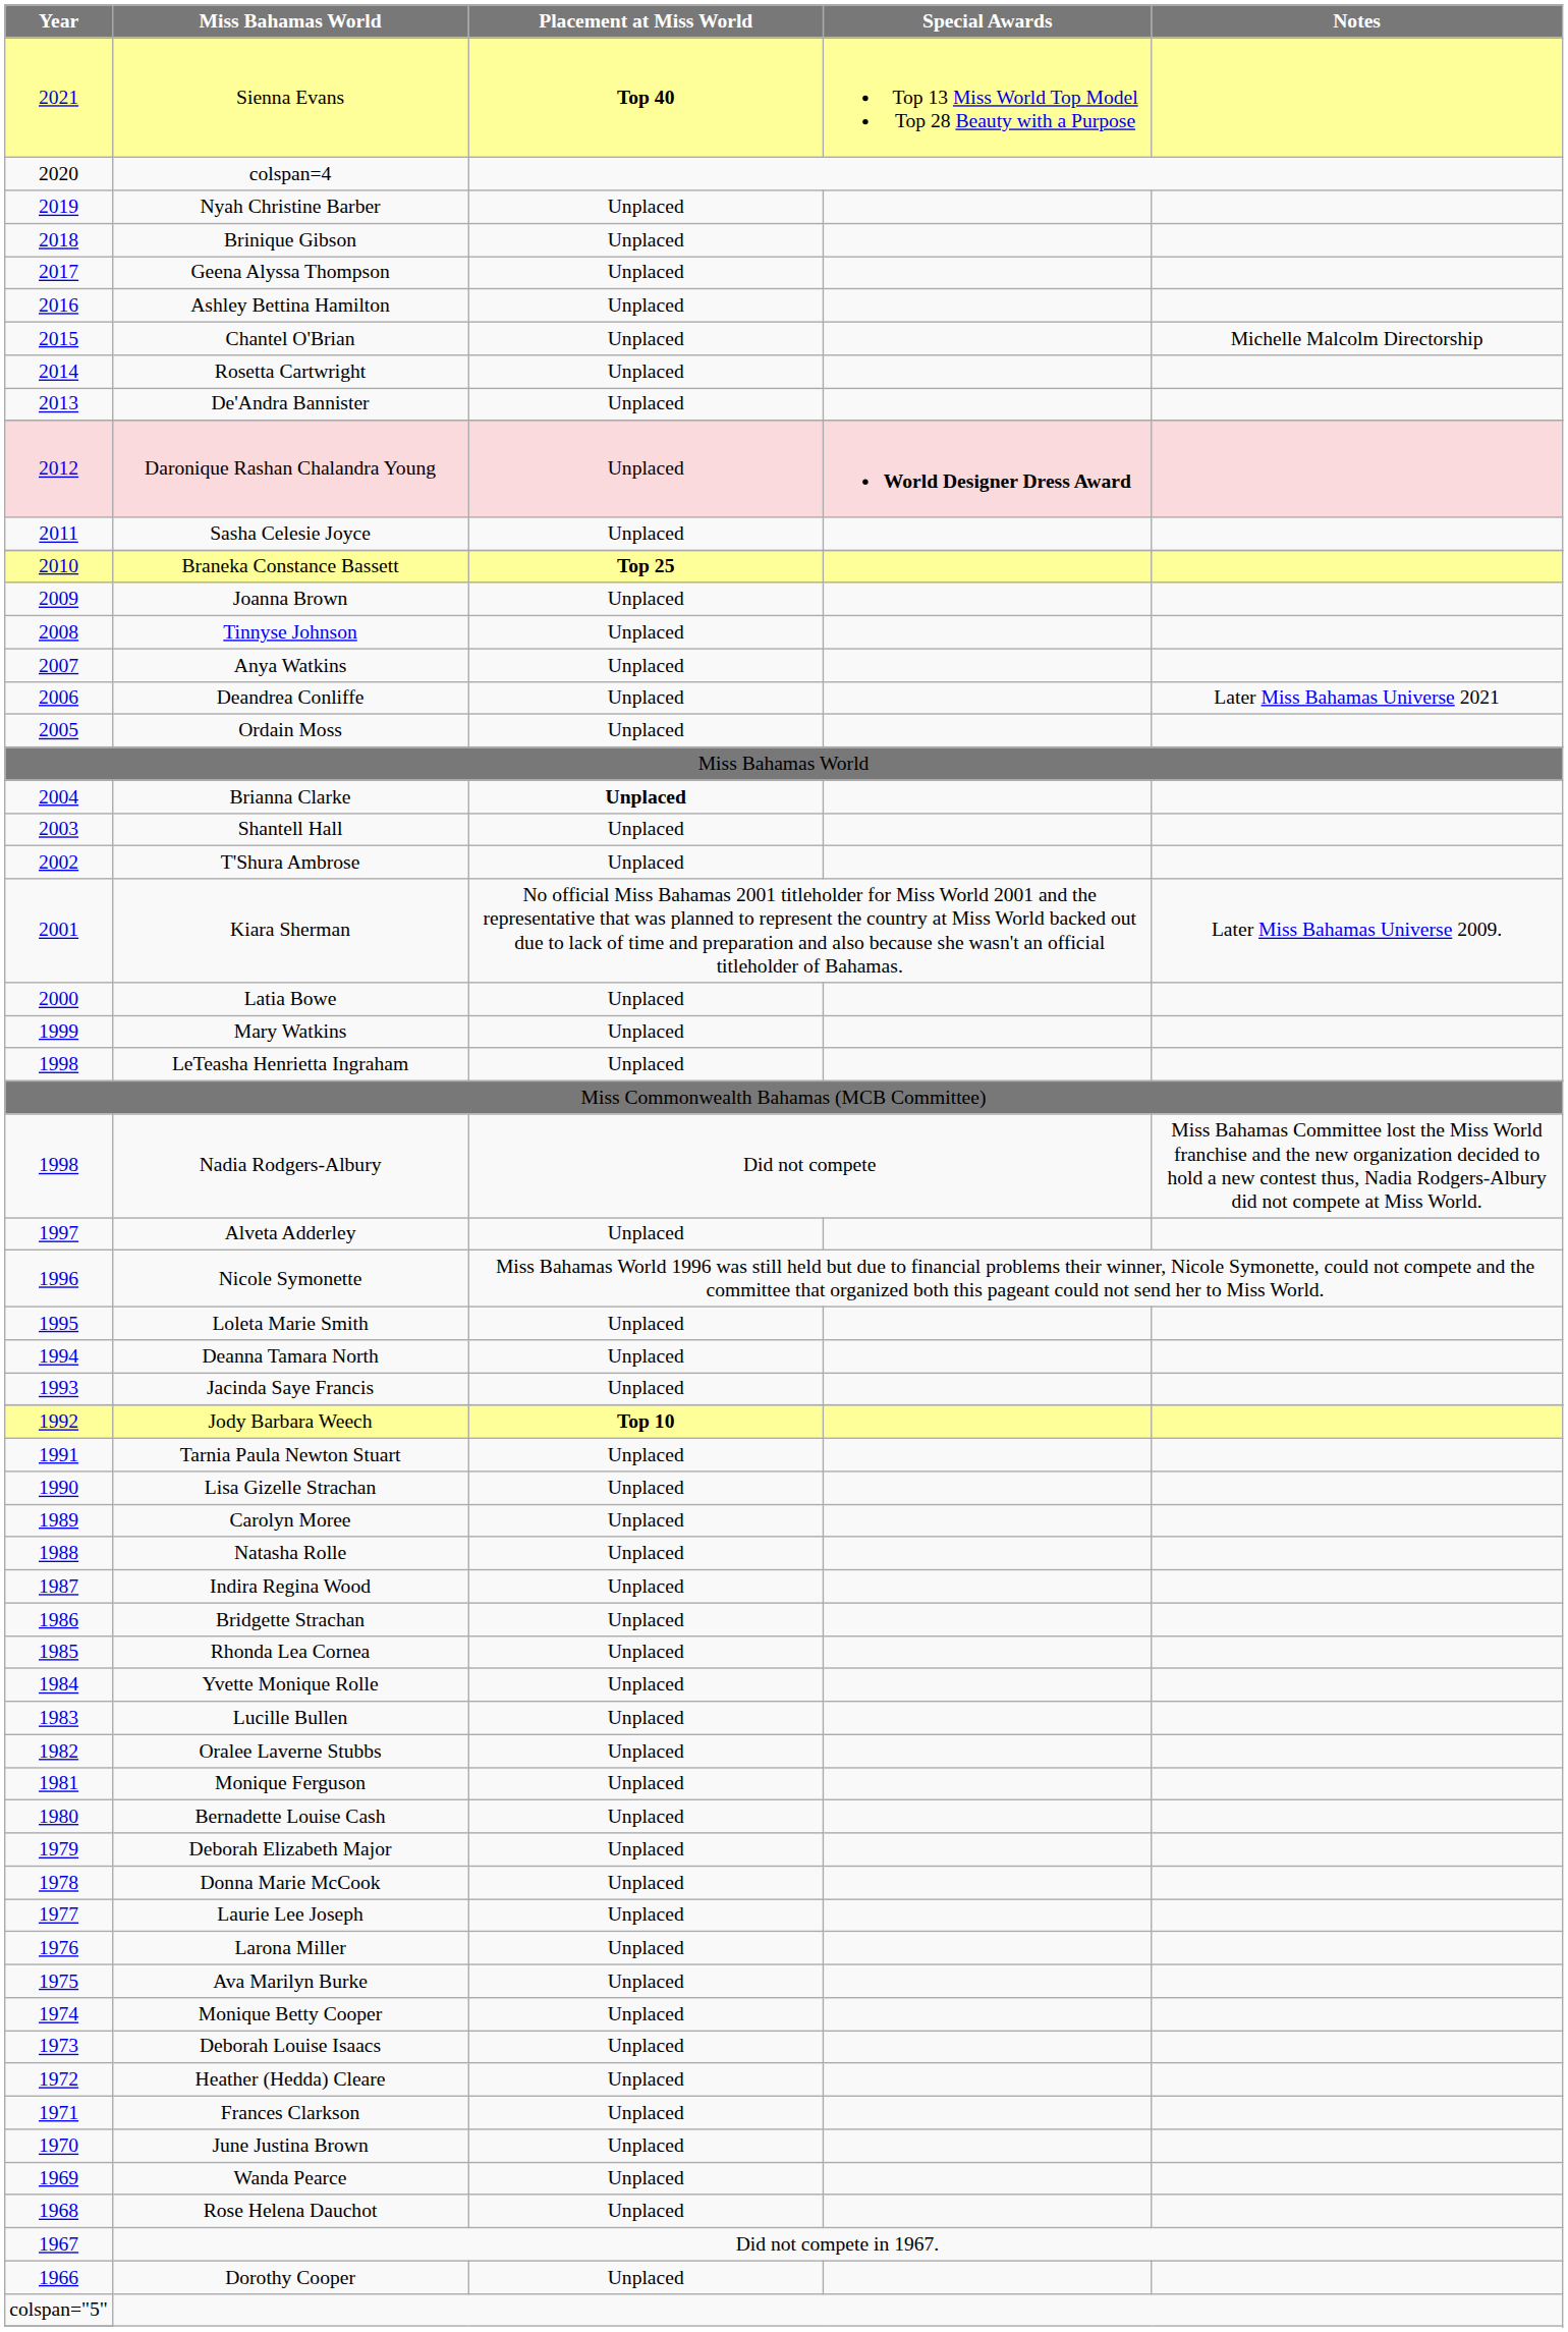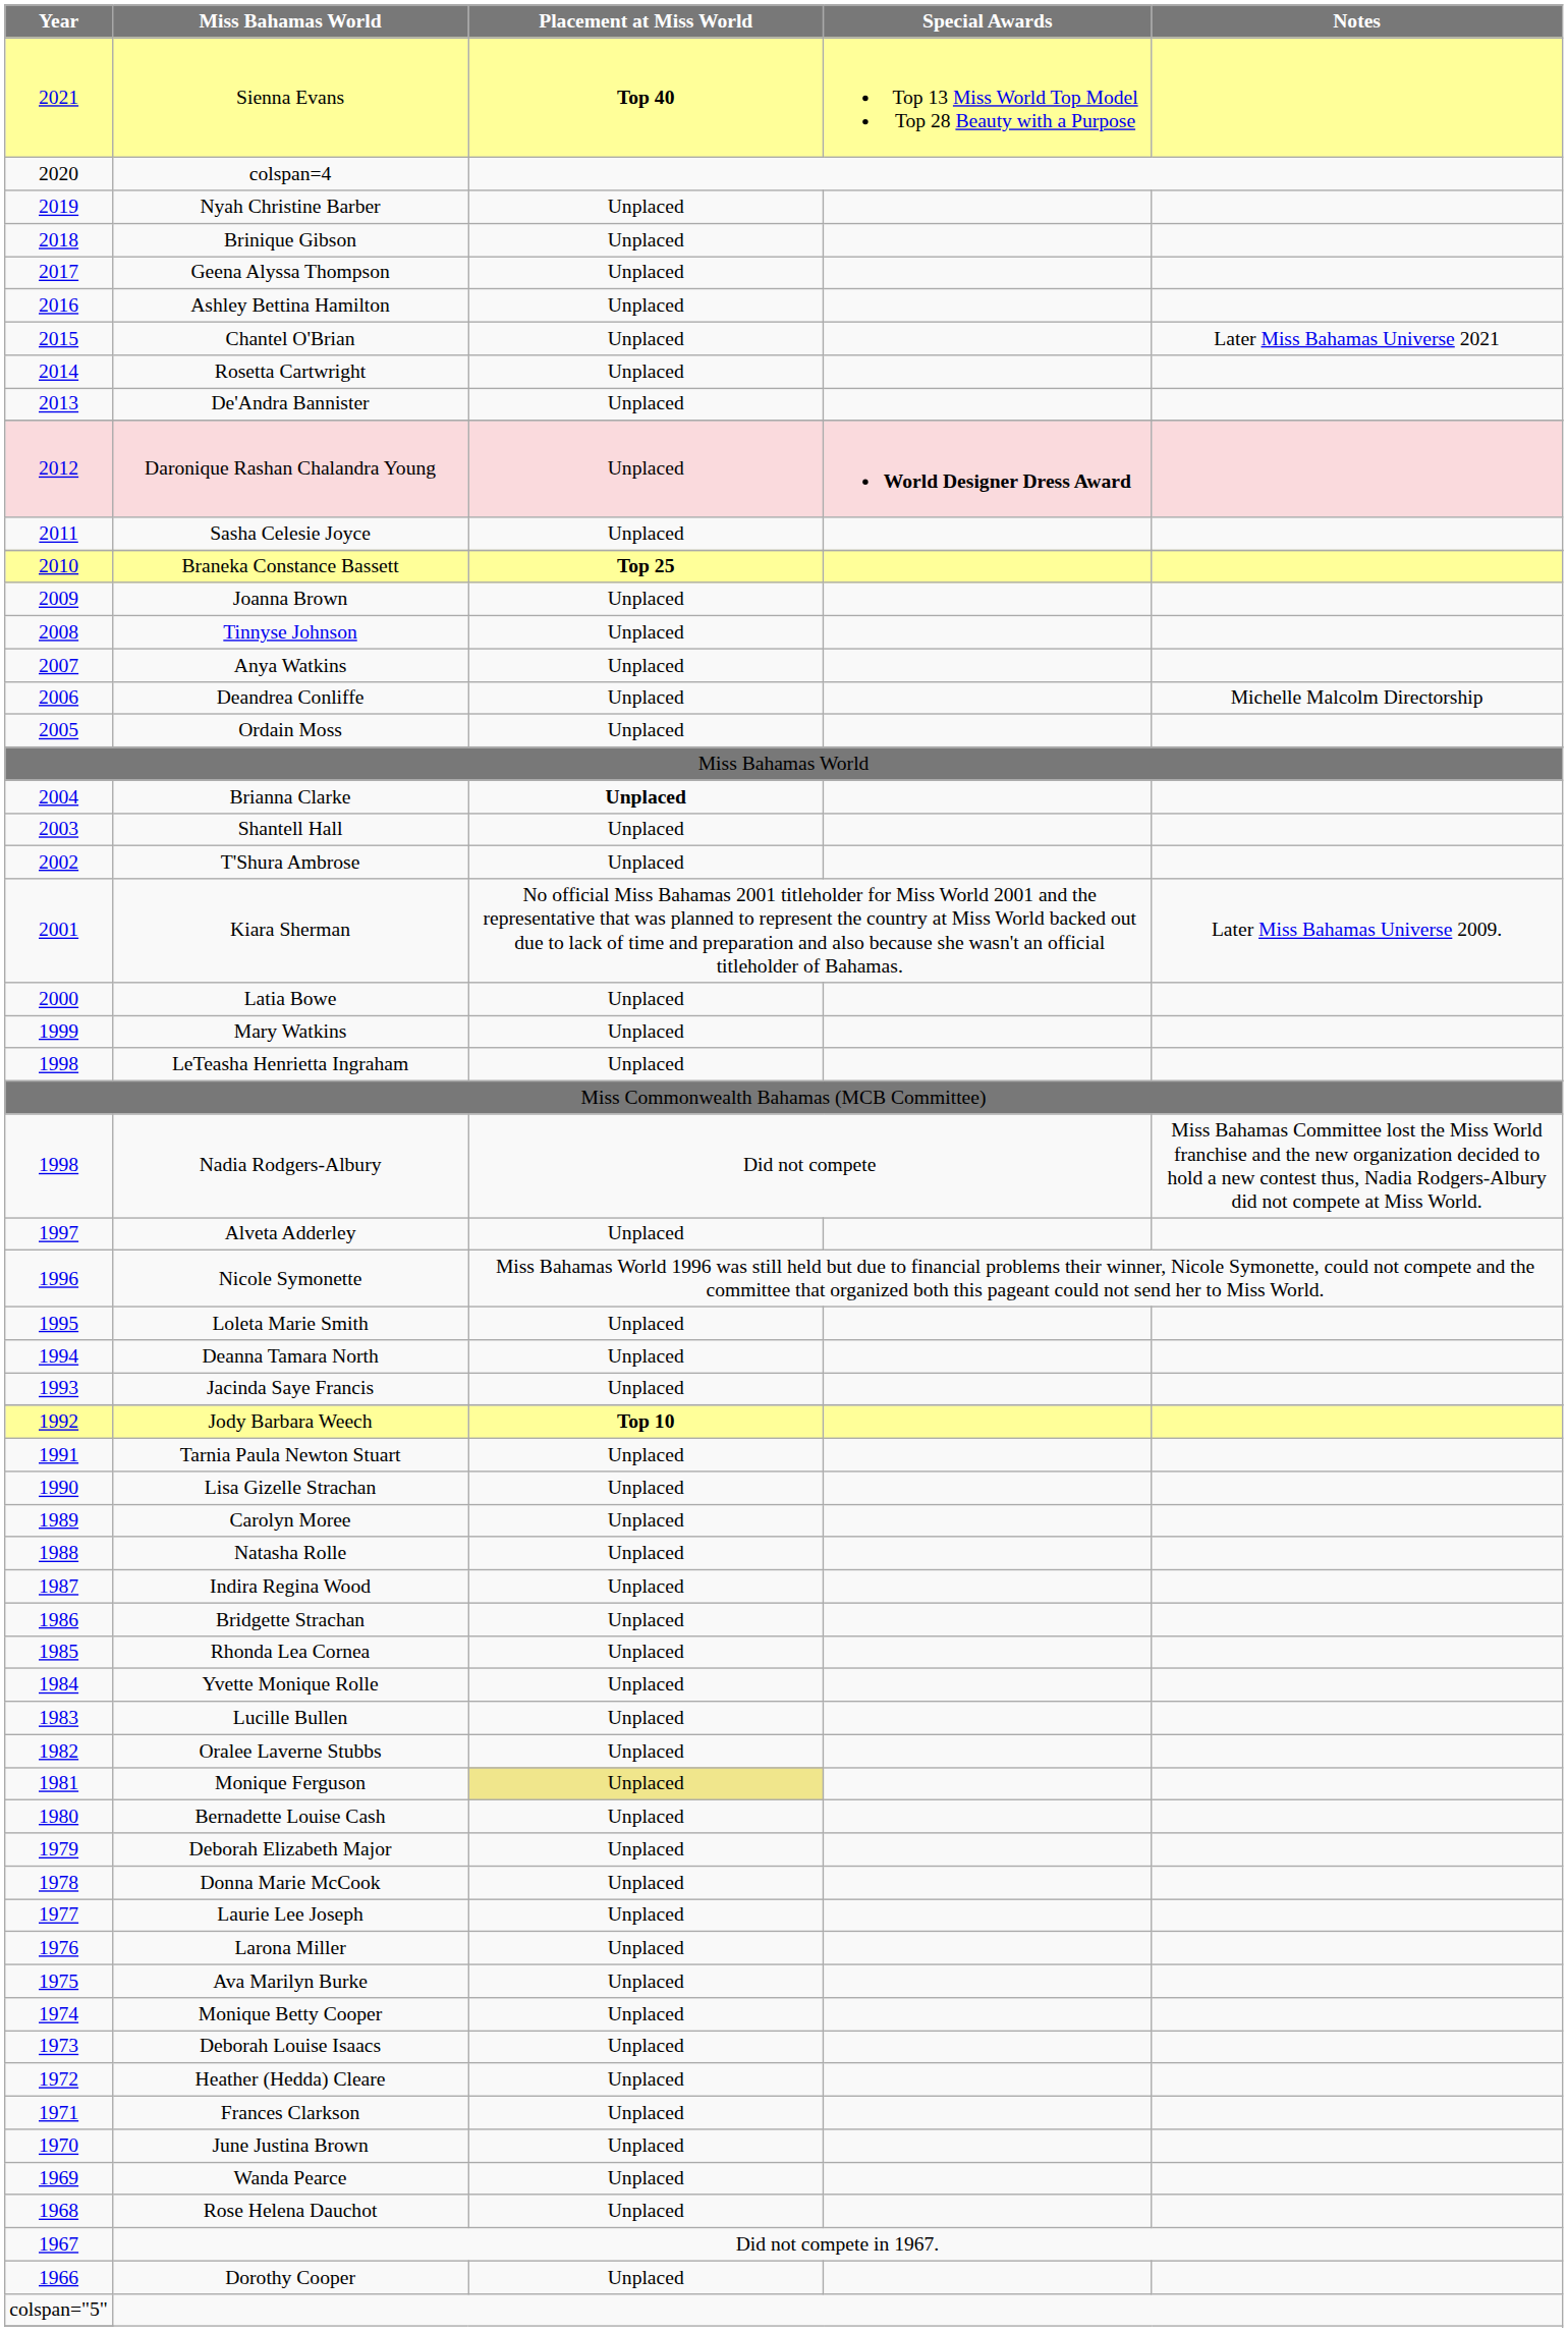 <table class="wikitable" style="font-size: 90%; text-align:center">
 <tr>
 <th width="60" style="background-color:#787878;color:#FFFFFF;">Year</th>
 <th width="250" style="background-color:#787878;color:#FFFFFF;">Miss Bahamas World</th>
 <th width="250" style="background-color:#787878;color:#FFFFFF;">Placement at Miss World</th>
 <th width="230" style="background-color:#787878;color:#FFFFFF;">Special Awards</th>
 <th width="290" style="background-color:#787878;color:#FFFFFF;">Notes</th>
 </tr>
 <tr style="background-color:#FFFF99; ">
 <td><a href='#'>2021</a></td>
 <td>Sienna Evans</td>
 <td><strong>Top 40</strong></td>
 <td><br><ul><li>Top 13 <a href='#'>Miss World Top Model</a></li><li>Top 28 <a href='#'>Beauty with a Purpose</a></li></ul></td>
 <td></td>
 </tr>
 <tr>
 <td>2020</td>
 <td>colspan=4 </td>
 </tr>
 <tr>
 <td><a href='#'>2019</a></td>
 <td>Nyah Christine Barber</td>
 <td>Unplaced</td>
 <td></td>
 <td></td>
 </tr>
 <tr>
 <td><a href='#'>2018</a></td>
 <td>Brinique Gibson</td>
 <td>Unplaced</td>
 <td></td>
 <td></td>
 </tr>
 <tr>
 <td><a href='#'>2017</a></td>
 <td>Geena Alyssa Thompson</td>
 <td>Unplaced</td>
 <td></td>
 <td></td>
 </tr>
 <tr>
 <td><a href='#'>2016</a></td>
 <td>Ashley Bettina Hamilton</td>
 <td>Unplaced</td>
 <td></td>
 <td></td>
 </tr>
 <tr>
 <td><a href='#'>2015</a></td>
 <td>Chantel O'Brian</td>
 <td>Unplaced</td>
 <td></td>
-<td>Michelle Malcolm Directorship</td>
+<td>Later <a href='#'>Miss Bahamas Universe</a> 2021</td>
 </tr>
 <tr>
 <td><a href='#'>2014</a></td>
 <td>Rosetta Cartwright</td>
 <td>Unplaced</td>
 <td></td>
 <td></td>
 </tr>
 <tr>
 <td><a href='#'>2013</a></td>
 <td>De'Andra Bannister</td>
 <td>Unplaced</td>
 <td></td>
 <td></td>
 </tr>
 <tr>
 </tr>
 <tr style="background-color:#FADADD; ">
 <td><a href='#'>2012</a></td>
 <td>Daronique Rashan Chalandra Young</td>
 <td>Unplaced</td>
 <td align="left"><br><ul><li><strong>World Designer Dress Award</strong></li></ul></td>
 <td></td>
 </tr>
 <tr>
 <td><a href='#'>2011</a></td>
 <td>Sasha Celesie Joyce</td>
 <td>Unplaced</td>
 <td></td>
 <td></td>
 </tr>
 <tr>
 </tr>
 <tr style="background-color:#FFFF99; ">
 <td><a href='#'>2010</a></td>
 <td>Braneka Constance Bassett</td>
 <td><strong>Top 25</strong></td>
 <td></td>
 <td></td>
 </tr>
 <tr>
 <td><a href='#'>2009</a></td>
 <td>Joanna Brown</td>
 <td>Unplaced</td>
 <td></td>
 <td></td>
 </tr>
 <tr>
 <td><a href='#'>2008</a></td>
 <td><a href='#'>Tinnyse Johnson</a></td>
 <td>Unplaced</td>
 <td></td>
 <td></td>
 </tr>
 <tr>
 <td><a href='#'>2007</a></td>
 <td>Anya Watkins</td>
 <td>Unplaced</td>
 <td></td>
 <td></td>
 </tr>
 <tr>
 <td><a href='#'>2006</a></td>
 <td>Deandrea Conliffe</td>
 <td>Unplaced</td>
 <td></td>
-<td>Later <a href='#'>Miss Bahamas Universe</a> 2021</td>
+<td>Michelle Malcolm Directorship</td>
 </tr>
 <tr>
 <td><a href='#'>2005</a></td>
 <td>Ordain Moss</td>
 <td>Unplaced</td>
 <td></td>
 <td></td>
 </tr>
 <tr>
 </tr>
 <tr bgcolor="#787878" align="center">
 <td colspan="5"><span>Miss Bahamas World</span></td>
 </tr>
 <tr>
 <td><a href='#'>2004</a></td>
 <td>Brianna Clarke</td>
 <td><strong>Unplaced</strong></td>
 <td></td>
 <td></td>
 </tr>
 <tr>
 <td><a href='#'>2003</a></td>
 <td>Shantell Hall</td>
 <td>Unplaced</td>
 <td></td>
 <td></td>
 </tr>
 <tr>
 <td><a href='#'>2002</a></td>
 <td>T'Shura Ambrose</td>
 <td>Unplaced</td>
 <td></td>
 <td></td>
 </tr>
 <tr>
 <td><a href='#'>2001</a></td>
 <td>Kiara Sherman</td>
 <td colspan="2" align=center>No official Miss Bahamas 2001 titleholder for Miss World 2001 and the representative that was planned to represent the country at Miss World backed out due to lack of time and preparation and also because she wasn't an official titleholder of Bahamas.</td>
 <td>Later <a href='#'>Miss Bahamas Universe</a> 2009.</td>
 </tr>
 <tr>
 <td><a href='#'>2000</a></td>
 <td>Latia Bowe</td>
 <td>Unplaced</td>
 <td></td>
 <td></td>
 </tr>
 <tr>
 <td><a href='#'>1999</a></td>
 <td>Mary Watkins</td>
 <td>Unplaced</td>
 <td></td>
 <td></td>
 </tr>
 <tr>
 <td><a href='#'>1998</a></td>
 <td>LeTeasha Henrietta Ingraham</td>
 <td>Unplaced</td>
 <td></td>
 <td></td>
 </tr>
 <tr>
 </tr>
 <tr bgcolor="#787878" align="center">
 <td colspan="5"><span>Miss Commonwealth Bahamas (MCB Committee)</span></td>
 </tr>
 <tr>
 <td><a href='#'>1998</a></td>
 <td>Nadia Rodgers-Albury</td>
 <td colspan="2" align=center>Did not compete</td>
 <td>Miss Bahamas Committee lost the Miss World franchise and the new organization decided to hold a new contest thus, Nadia Rodgers-Albury did not compete at Miss World.</td>
 </tr>
 <tr>
 <td><a href='#'>1997</a></td>
 <td>Alveta Adderley</td>
 <td>Unplaced</td>
 <td></td>
 <td></td>
 </tr>
 <tr>
 <td><a href='#'>1996</a></td>
 <td>Nicole Symonette</td>
 <td colspan="3" align=center>Miss Bahamas World 1996 was still held but due to financial problems their winner, Nicole Symonette, could not compete and the committee that organized both this pageant could not send her to Miss World.</td>
 </tr>
 <tr>
 <td><a href='#'>1995</a></td>
 <td>Loleta Marie Smith</td>
 <td>Unplaced</td>
 <td></td>
 <td></td>
 </tr>
 <tr>
 <td><a href='#'>1994</a></td>
 <td>Deanna Tamara North</td>
 <td>Unplaced</td>
 <td></td>
 <td></td>
 </tr>
 <tr>
 <td><a href='#'>1993</a></td>
 <td>Jacinda Saye Francis</td>
 <td>Unplaced</td>
 <td></td>
 <td></td>
 </tr>
 <tr>
 </tr>
 <tr style="background-color:#FFFF99; ">
 <td><a href='#'>1992</a></td>
 <td>Jody Barbara Weech</td>
 <td><strong>Top 10</strong></td>
 <td></td>
 <td></td>
 </tr>
 <tr>
 <td><a href='#'>1991</a></td>
 <td>Tarnia Paula Newton Stuart</td>
 <td>Unplaced</td>
 <td></td>
 <td></td>
 </tr>
 <tr>
 <td><a href='#'>1990</a></td>
 <td>Lisa Gizelle Strachan</td>
 <td>Unplaced</td>
 <td></td>
 <td></td>
 </tr>
 <tr>
 <td><a href='#'>1989</a></td>
 <td>Carolyn Moree</td>
 <td>Unplaced</td>
 <td></td>
 <td></td>
 </tr>
 <tr>
 <td><a href='#'>1988</a></td>
 <td>Natasha Rolle</td>
 <td>Unplaced</td>
 <td></td>
 <td></td>
 </tr>
 <tr>
 <td><a href='#'>1987</a></td>
 <td>Indira Regina Wood</td>
 <td>Unplaced</td>
 <td></td>
 <td></td>
 </tr>
 <tr>
 <td><a href='#'>1986</a></td>
 <td>Bridgette Strachan</td>
 <td>Unplaced</td>
 <td></td>
 <td></td>
 </tr>
 <tr>
 <td><a href='#'>1985</a></td>
 <td>Rhonda Lea Cornea</td>
 <td>Unplaced</td>
 <td></td>
 <td></td>
 </tr>
 <tr>
 <td><a href='#'>1984</a></td>
 <td>Yvette Monique Rolle</td>
 <td>Unplaced</td>
 <td></td>
 <td></td>
 </tr>
 <tr>
 <td><a href='#'>1983</a></td>
 <td>Lucille Bullen</td>
 <td>Unplaced</td>
 <td></td>
 <td></td>
 </tr>
 <tr>
 <td><a href='#'>1982</a></td>
 <td>Oralee Laverne Stubbs</td>
 <td>Unplaced</td>
 <td></td>
 <td></td>
 </tr>
 <tr>
 <td><a href='#'>1981</a></td>
 <td>Monique Ferguson</td>
-<td>Unplaced</td>
+<td style="background: khaki;">Unplaced</td>
 <td></td>
 <td></td>
 </tr>
 <tr>
 <td><a href='#'>1980</a></td>
 <td>Bernadette Louise Cash</td>
 <td>Unplaced</td>
 <td></td>
 <td></td>
 </tr>
 <tr>
 <td><a href='#'>1979</a></td>
 <td>Deborah Elizabeth Major</td>
 <td>Unplaced</td>
 <td></td>
 <td></td>
 </tr>
 <tr>
 <td><a href='#'>1978</a></td>
 <td>Donna Marie McCook</td>
 <td>Unplaced</td>
 <td></td>
 <td></td>
 </tr>
 <tr>
 <td><a href='#'>1977</a></td>
 <td>Laurie Lee Joseph</td>
 <td>Unplaced</td>
 <td></td>
 <td></td>
 </tr>
 <tr>
 <td><a href='#'>1976</a></td>
 <td>Larona Miller</td>
 <td>Unplaced</td>
 <td></td>
 <td></td>
 </tr>
 <tr>
 <td><a href='#'>1975</a></td>
 <td>Ava Marilyn Burke</td>
 <td>Unplaced</td>
 <td></td>
 <td></td>
 </tr>
 <tr>
 <td><a href='#'>1974</a></td>
 <td>Monique Betty Cooper</td>
 <td>Unplaced</td>
 <td></td>
 <td></td>
 </tr>
 <tr>
 <td><a href='#'>1973</a></td>
 <td>Deborah Louise Isaacs</td>
 <td>Unplaced</td>
 <td></td>
 <td></td>
 </tr>
 <tr>
 <td><a href='#'>1972</a></td>
 <td>Heather (Hedda) Cleare</td>
 <td>Unplaced</td>
 <td></td>
 <td></td>
 </tr>
 <tr>
 <td><a href='#'>1971</a></td>
 <td>Frances Clarkson</td>
 <td>Unplaced</td>
 <td></td>
 <td></td>
 </tr>
 <tr>
 <td><a href='#'>1970</a></td>
 <td>June Justina Brown</td>
 <td>Unplaced</td>
 <td></td>
 <td></td>
 </tr>
 <tr>
 <td><a href='#'>1969</a></td>
 <td>Wanda Pearce</td>
 <td>Unplaced</td>
 <td></td>
 <td></td>
 </tr>
 <tr>
 <td><a href='#'>1968</a></td>
 <td>Rose Helena Dauchot</td>
 <td>Unplaced</td>
 <td></td>
 <td></td>
 </tr>
 <tr>
 <td><a href='#'>1967</a></td>
 <td colspan="4" align=center>Did not compete in 1967.</td>
 </tr>
 <tr>
 <td><a href='#'>1966</a></td>
 <td>Dorothy Cooper</td>
 <td>Unplaced</td>
 <td></td>
 <td></td>
 </tr>
 <tr>
 <td>colspan="5" </td>
 </tr>
 <tr>
 </tr>
 </table>
